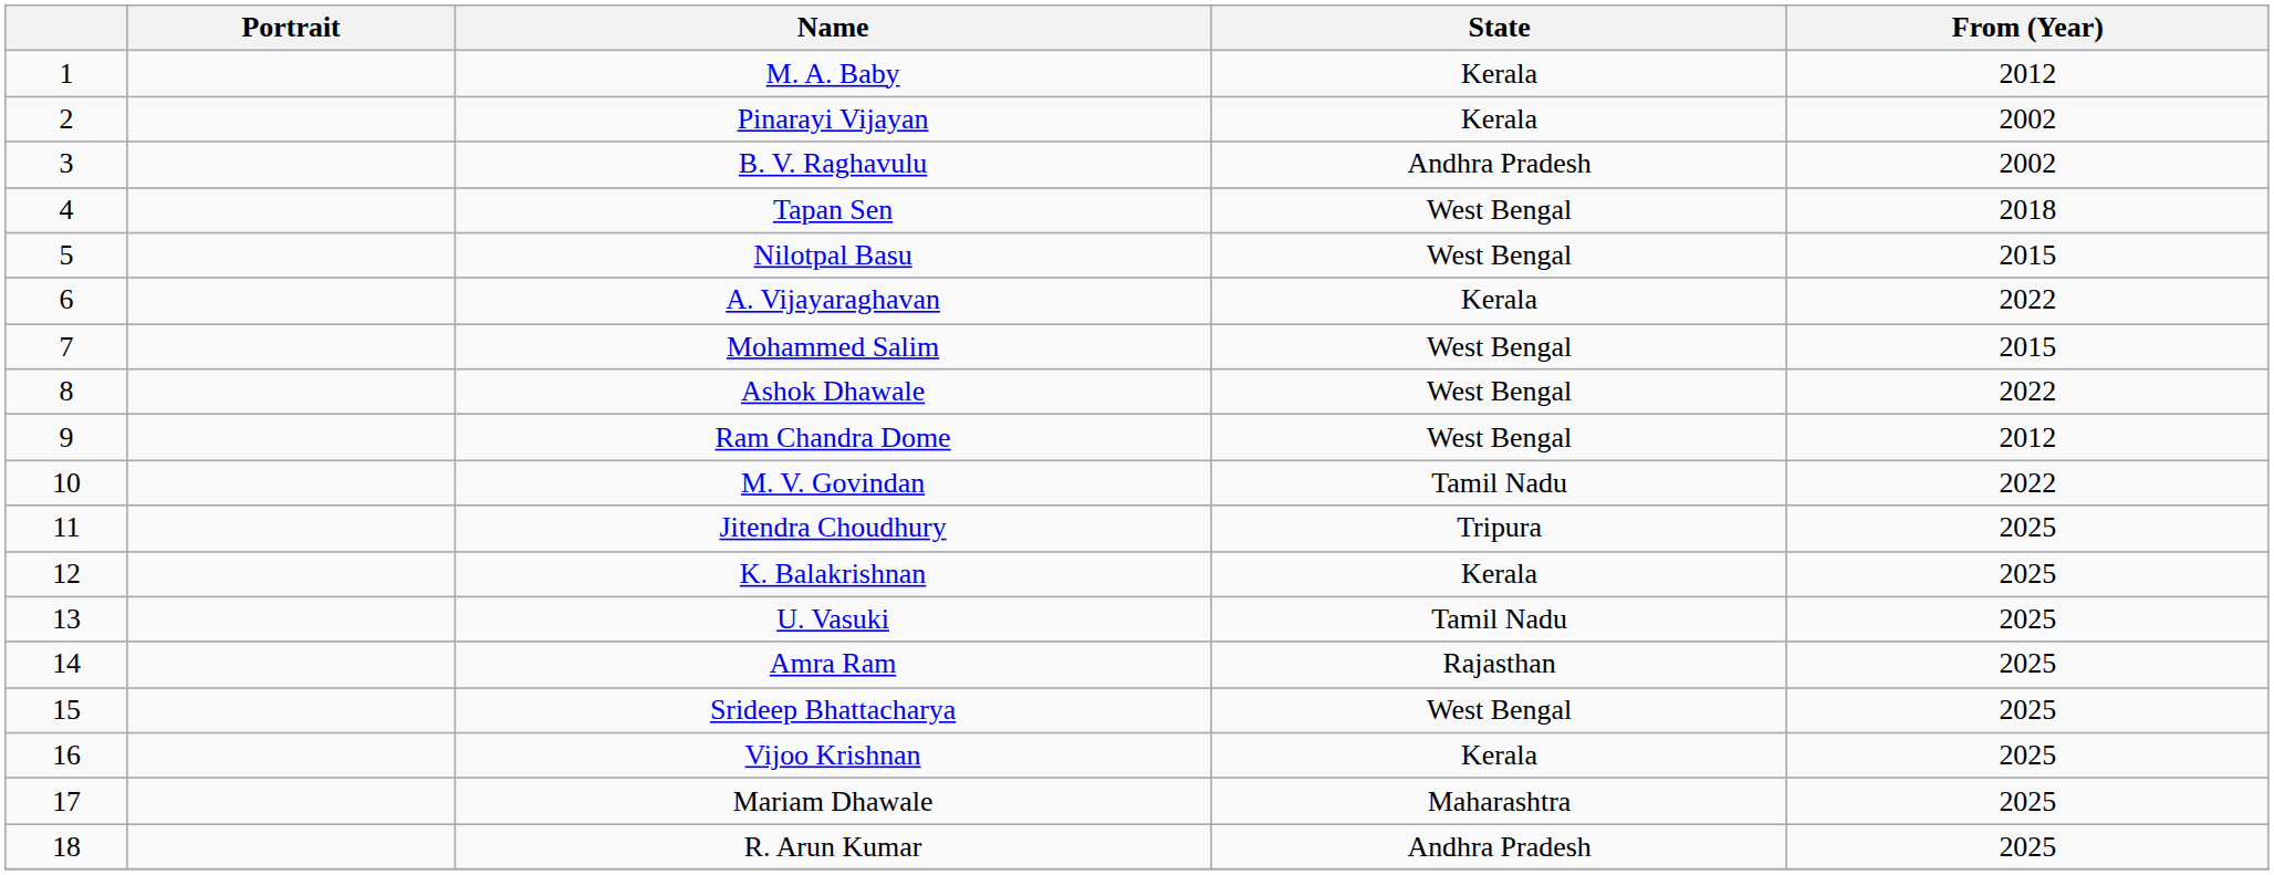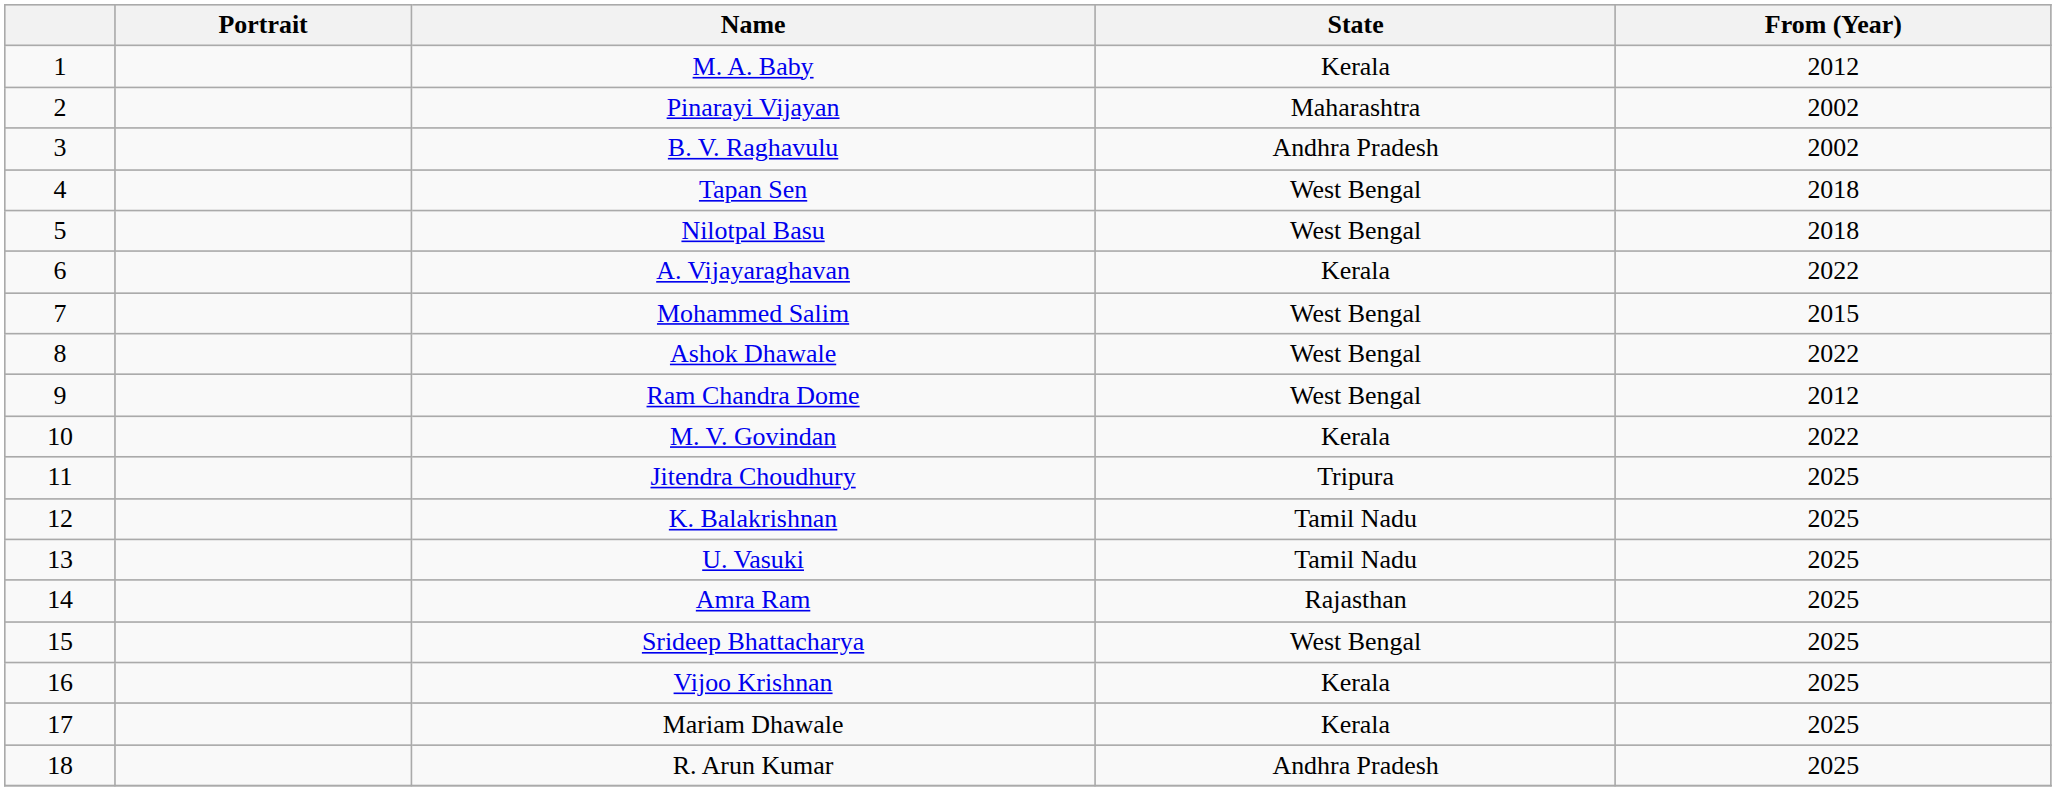 <table class="wikitable sortable" style="text-align:center" width="100%">
 <tr>
 <th Style="background-color:"></th>
 <th Style="background-color:">Portrait</th>
 <th Style="background-color:">Name</th>
 <th Style="background-color:">State</th>
 <th Style="background-color:">From (Year)</th>
 </tr>
 <tr>
 <td>1</td>
 <td></td>
 <td><a href='#'>M. A. Baby</a><br> </td>
 <td>Kerala</td>
 <td>2012</td>
 </tr>
 <tr>
 <td>2</td>
 <td></td>
 <td><a href='#'>Pinarayi Vijayan</a></td>
-<td>Kerala</td>
+<td>Maharashtra</td>
 <td>2002</td>
 </tr>
 <tr>
 <td>3</td>
 <td></td>
 <td><a href='#'>B. V. Raghavulu</a></td>
 <td>Andhra Pradesh</td>
 <td>2002</td>
 </tr>
 <tr>
 <td>4</td>
 <td></td>
 <td><a href='#'>Tapan Sen</a></td>
 <td>West Bengal</td>
 <td>2018</td>
 </tr>
 <tr>
 <td>5</td>
 <td></td>
 <td><a href='#'>Nilotpal Basu</a></td>
 <td>West Bengal</td>
-<td>2015</td>
+<td>2018</td>
 </tr>
 <tr>
 <td>6</td>
 <td></td>
 <td><a href='#'>A. Vijayaraghavan</a></td>
 <td>Kerala</td>
 <td>2022</td>
 </tr>
 <tr>
 <td>7</td>
 <td></td>
 <td><a href='#'>Mohammed Salim</a></td>
 <td>West Bengal</td>
 <td>2015</td>
 </tr>
 <tr>
 <td>8</td>
 <td></td>
 <td><a href='#'>Ashok Dhawale</a></td>
 <td>West Bengal</td>
 <td>2022</td>
 </tr>
 <tr>
 <td>9</td>
 <td></td>
 <td><a href='#'>Ram Chandra Dome</a></td>
 <td>West Bengal</td>
 <td>2012</td>
 </tr>
 <tr>
 <td>10</td>
 <td></td>
 <td><a href='#'>M. V. Govindan</a></td>
-<td>Tamil Nadu</td>
+<td>Kerala</td>
 <td>2022</td>
 </tr>
 <tr>
 <td>11</td>
 <td></td>
 <td><a href='#'>Jitendra Choudhury</a></td>
 <td>Tripura</td>
 <td>2025</td>
 </tr>
 <tr>
 <td>12</td>
 <td></td>
 <td><a href='#'>K. Balakrishnan</a></td>
-<td>Kerala</td>
+<td>Tamil Nadu</td>
 <td>2025</td>
 </tr>
 <tr>
 <td>13</td>
 <td></td>
 <td><a href='#'>U. Vasuki</a></td>
 <td>Tamil Nadu</td>
 <td>2025</td>
 </tr>
 <tr>
 <td>14</td>
 <td></td>
 <td><a href='#'>Amra Ram</a></td>
 <td>Rajasthan</td>
 <td>2025</td>
 </tr>
 <tr>
 <td>15</td>
 <td></td>
 <td><a href='#'>Srideep Bhattacharya</a></td>
 <td>West Bengal</td>
 <td>2025</td>
 </tr>
 <tr>
 <td>16</td>
 <td></td>
 <td><a href='#'>Vijoo Krishnan</a></td>
 <td>Kerala</td>
 <td>2025</td>
 </tr>
 <tr>
 <td>17</td>
 <td></td>
 <td>Mariam Dhawale</td>
-<td>Maharashtra</td>
+<td>Kerala</td>
 <td>2025</td>
 </tr>
 <tr>
 <td>18</td>
 <td></td>
 <td>R. Arun Kumar</td>
 <td>Andhra Pradesh</td>
 <td>2025</td>
 </tr>
 <tr>
 </tr>
 </table>
